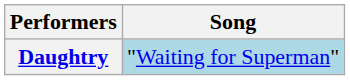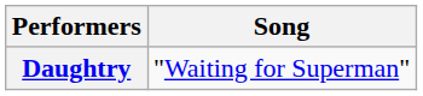 <table class="wikitable" style="text-align:center;">
 <tr>
 <th scope="col">Performers</th>
 <th scope="col">Song</th>
 </tr>
 <tr>
 <th scope="row"><a href='#'>Daughtry</a></th>
-<td style="background: lightblue;">"<a href='#'>Waiting for Superman</a>"</td>
+<td>"<a href='#'>Waiting for Superman</a>"</td>
 </tr>
 </table>
